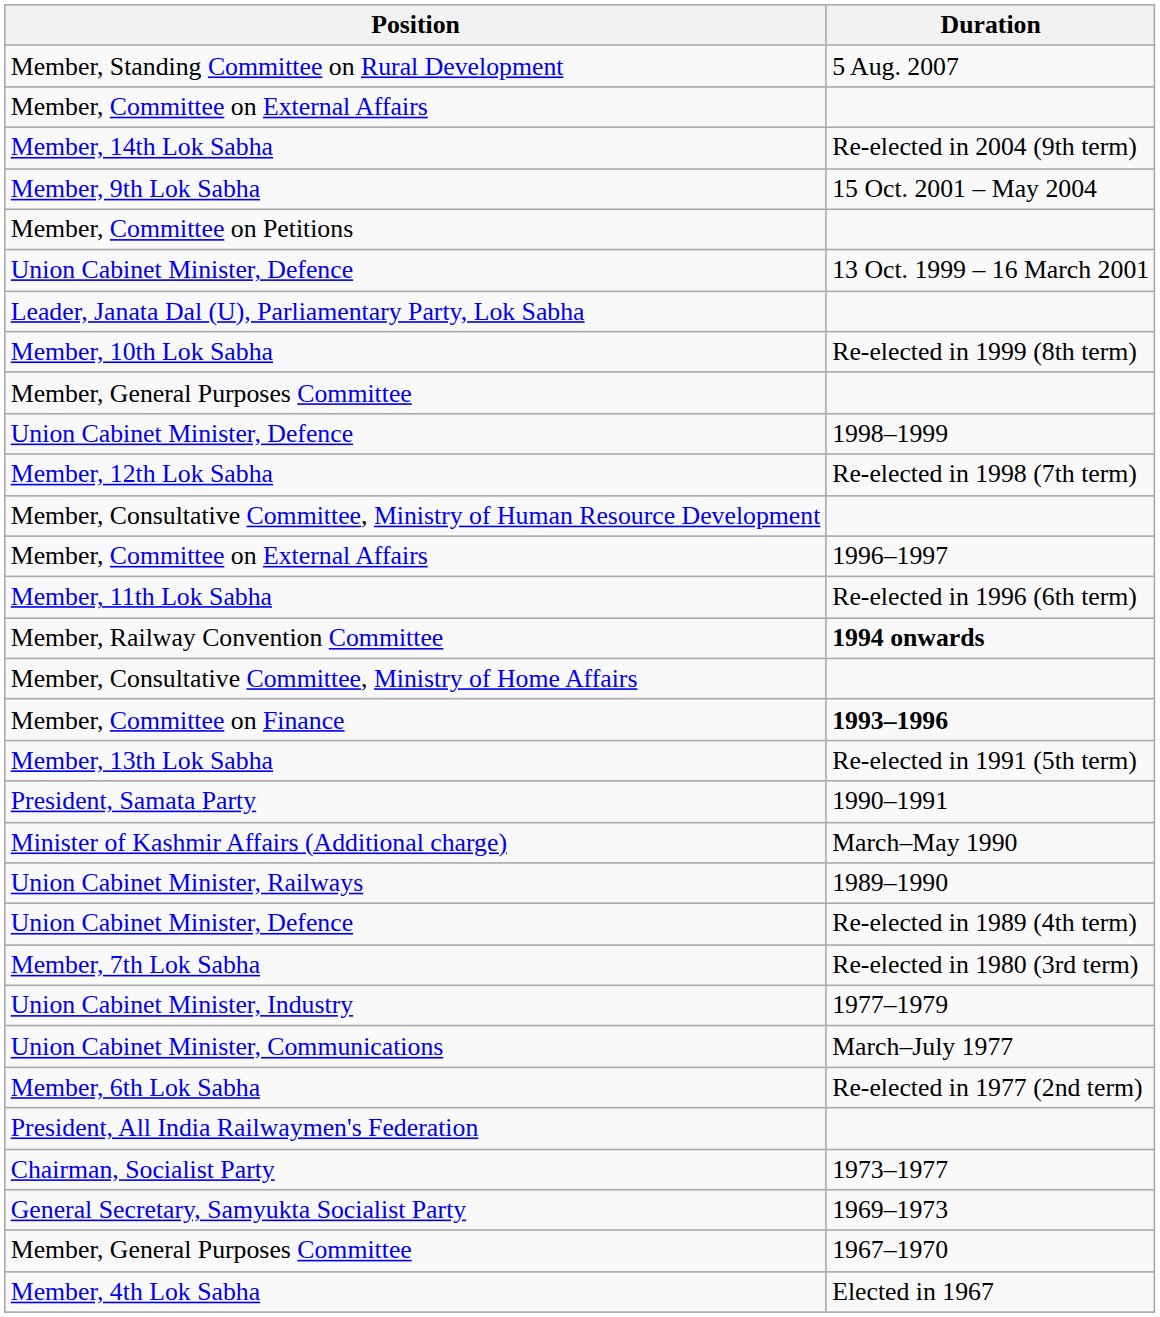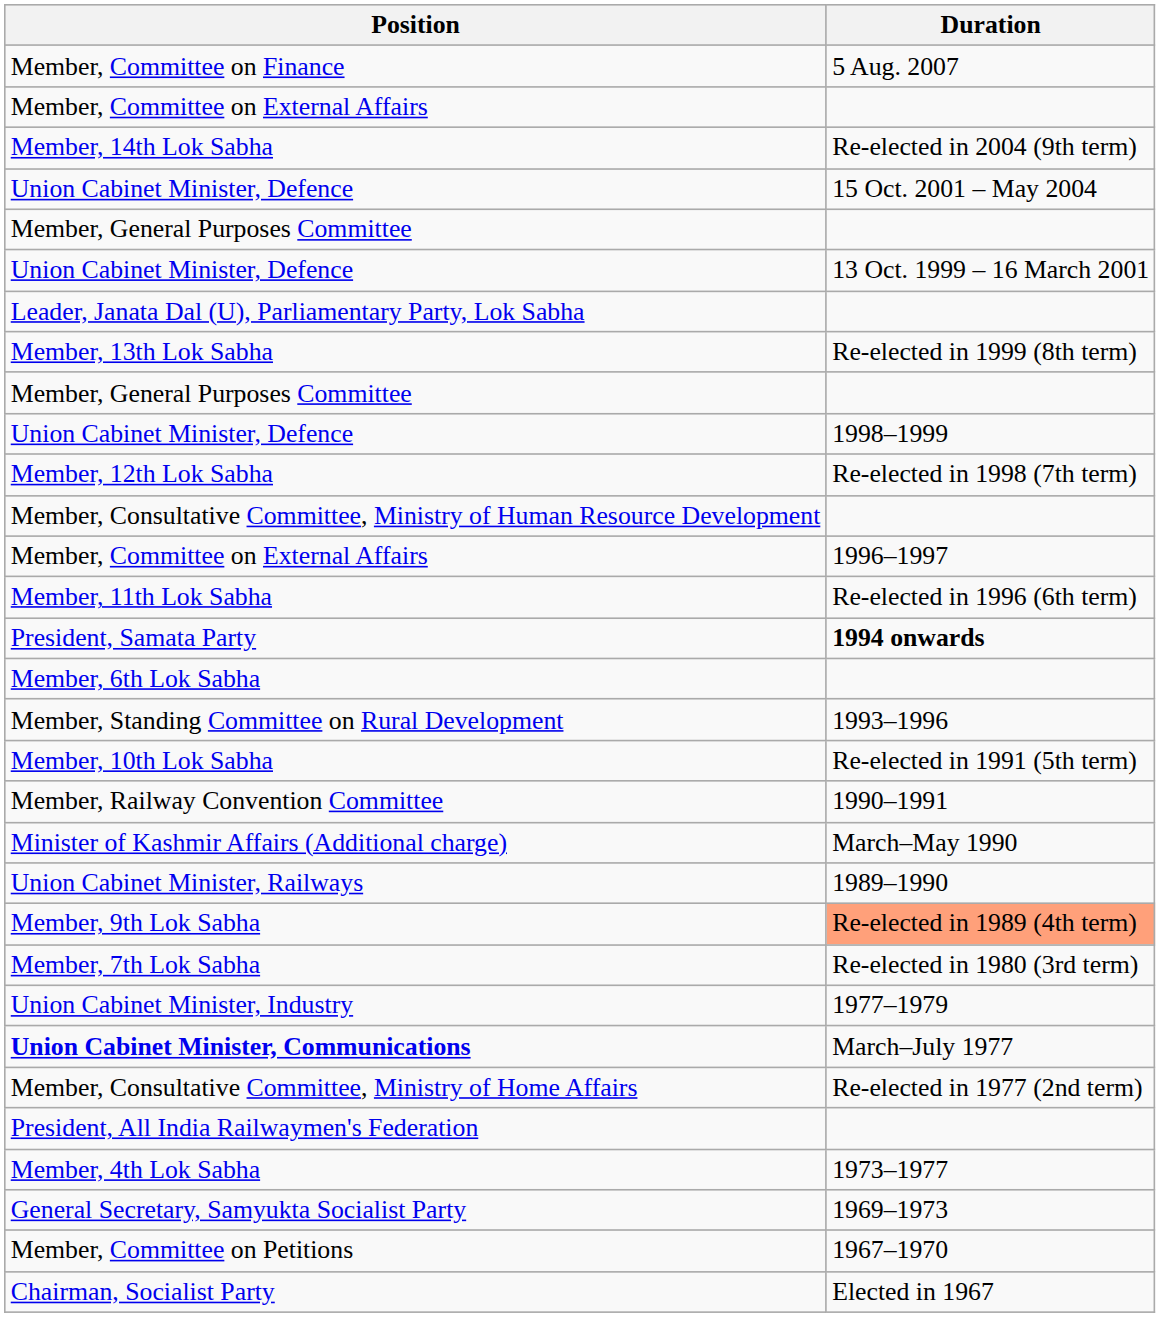 <table class="wikitable">
 <tr>
 <th>Position</th>
 <th>Duration</th>
 </tr>
 <tr>
-<td>Member, Standing <a href='#'>Committee</a> on <a href='#'>Rural Development</a></td>
+<td>Member, <a href='#'>Committee</a> on <a href='#'>Finance</a></td>
 <td>5 Aug. 2007</td>
 </tr>
 <tr>
 <td>Member, <a href='#'>Committee</a> on <a href='#'>External Affairs</a></td>
 <td></td>
 </tr>
 <tr>
 <td><a href='#'>Member, 14th Lok Sabha</a></td>
 <td>Re-elected in 2004 (9th term)</td>
 </tr>
 <tr>
-<td><a href='#'>Member, 9th Lok Sabha</a></td>
+<td><a href='#'>Union Cabinet Minister, Defence</a></td>
 <td>15 Oct. 2001 – May 2004</td>
 </tr>
 <tr>
-<td>Member, <a href='#'>Committee</a> on Petitions</td>
+<td>Member, General Purposes <a href='#'>Committee</a></td>
 <td></td>
 </tr>
 <tr>
 <td><a href='#'>Union Cabinet Minister, Defence</a></td>
 <td>13 Oct. 1999 – 16 March 2001</td>
 </tr>
 <tr>
 <td><a href='#'>Leader, Janata Dal (U), Parliamentary Party, Lok Sabha</a></td>
 <td></td>
 </tr>
 <tr>
-<td><a href='#'>Member, 10th Lok Sabha</a></td>
+<td><a href='#'>Member, 13th Lok Sabha</a></td>
 <td>Re-elected in 1999 (8th term)</td>
 </tr>
 <tr>
 <td>Member, General Purposes <a href='#'>Committee</a></td>
 <td></td>
 </tr>
 <tr>
 <td><a href='#'>Union Cabinet Minister, Defence</a></td>
 <td>1998–1999</td>
 </tr>
 <tr>
 <td><a href='#'>Member, 12th Lok Sabha</a></td>
 <td>Re-elected in 1998 (7th term)</td>
 </tr>
 <tr>
 <td>Member, Consultative <a href='#'>Committee</a>, <a href='#'>Ministry of Human Resource Development</a></td>
 <td></td>
 </tr>
 <tr>
 <td>Member, <a href='#'>Committee</a> on <a href='#'>External Affairs</a></td>
 <td>1996–1997</td>
 </tr>
 <tr>
 <td><a href='#'>Member, 11th Lok Sabha</a></td>
 <td>Re-elected in 1996 (6th term)</td>
 </tr>
 <tr>
-<td>Member, Railway Convention <a href='#'>Committee</a></td>
+<td><a href='#'>President, Samata Party</a></td>
 <td><strong>1994 onwards</strong></td>
 </tr>
 <tr>
-<td>Member, Consultative <a href='#'>Committee</a>, <a href='#'>Ministry of Home Affairs</a></td>
+<td><a href='#'>Member, 6th Lok Sabha</a></td>
 <td></td>
 </tr>
 <tr>
-<td>Member, <a href='#'>Committee</a> on <a href='#'>Finance</a></td>
-<td><strong>1993–1996</strong></td>
+<td>Member, Standing <a href='#'>Committee</a> on <a href='#'>Rural Development</a></td>
+<td>1993–1996</td>
 </tr>
 <tr>
-<td><a href='#'>Member, 13th Lok Sabha</a></td>
+<td><a href='#'>Member, 10th Lok Sabha</a></td>
 <td>Re-elected in 1991 (5th term)</td>
 </tr>
 <tr>
-<td><a href='#'>President, Samata Party</a></td>
+<td>Member, Railway Convention <a href='#'>Committee</a></td>
 <td>1990–1991</td>
 </tr>
 <tr>
 <td><a href='#'>Minister of Kashmir Affairs (Additional charge)</a></td>
 <td>March–May 1990</td>
 </tr>
 <tr>
 <td><a href='#'>Union Cabinet Minister, Railways</a></td>
 <td>1989–1990</td>
 </tr>
 <tr>
-<td><a href='#'>Union Cabinet Minister, Defence</a></td>
-<td>Re-elected in 1989 (4th term)</td>
+<td><a href='#'>Member, 9th Lok Sabha</a></td>
+<td style="background: lightsalmon;">Re-elected in 1989 (4th term)</td>
 </tr>
 <tr>
 <td><a href='#'>Member, 7th Lok Sabha</a></td>
 <td>Re-elected in 1980 (3rd term)</td>
 </tr>
 <tr>
 <td><a href='#'>Union Cabinet Minister, Industry</a></td>
 <td>1977–1979</td>
 </tr>
 <tr>
-<td><a href='#'>Union Cabinet Minister, Communications</a></td>
+<td><strong><a href='#'>Union Cabinet Minister, Communications</a></strong></td>
 <td>March–July 1977</td>
 </tr>
 <tr>
-<td><a href='#'>Member, 6th Lok Sabha</a></td>
+<td>Member, Consultative <a href='#'>Committee</a>, <a href='#'>Ministry of Home Affairs</a></td>
 <td>Re-elected in 1977 (2nd term)</td>
 </tr>
 <tr>
 <td><a href='#'>President, All India Railwaymen's Federation</a></td>
 <td></td>
 </tr>
 <tr>
-<td><a href='#'>Chairman, Socialist Party</a></td>
+<td><a href='#'>Member, 4th Lok Sabha</a></td>
 <td>1973–1977</td>
 </tr>
 <tr>
 <td><a href='#'>General Secretary, Samyukta Socialist Party</a></td>
 <td>1969–1973</td>
 </tr>
 <tr>
-<td>Member, General Purposes <a href='#'>Committee</a></td>
+<td>Member, <a href='#'>Committee</a> on Petitions</td>
 <td>1967–1970</td>
 </tr>
 <tr>
-<td><a href='#'>Member, 4th Lok Sabha</a></td>
+<td><a href='#'>Chairman, Socialist Party</a></td>
 <td>Elected in 1967</td>
 </tr>
 </table>
